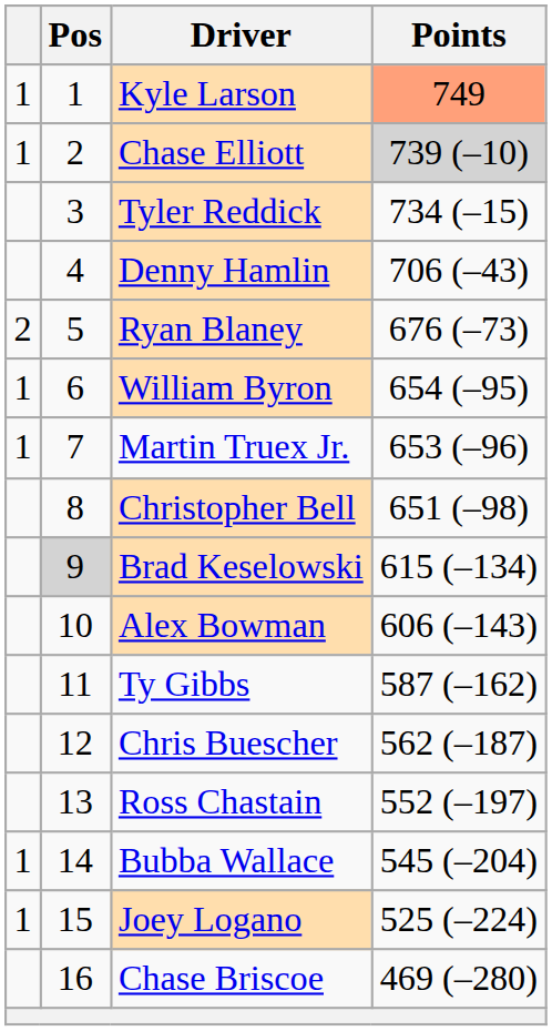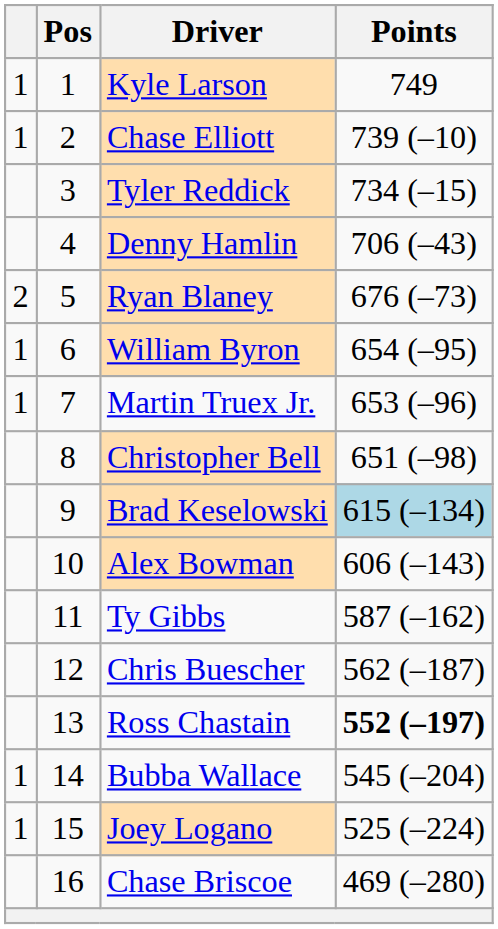 <table class="wikitable" style="font-size: 95%;">
 <tr>
 <th></th>
 <th>Pos</th>
 <th>Driver</th>
 <th>Points</th>
 </tr>
 <tr>
 <td align="left"> 1</td>
 <td style="text-align:center;">1</td>
 <td style="background:#FFDEAD;"><a href='#'>Kyle Larson</a></td>
-<td style="background: lightsalmon; text-align:center;">749</td>
+<td style="text-align:center;">749</td>
 </tr>
 <tr>
 <td align="left"> 1</td>
 <td style="text-align:center;">2</td>
 <td style="background:#FFDEAD;"><a href='#'>Chase Elliott</a></td>
-<td style="background: lightgrey; text-align:center;">739 (–10)</td>
+<td style="text-align:center;">739 (–10)</td>
 </tr>
 <tr>
 <td align="left"></td>
 <td style="text-align:center;">3</td>
 <td style="background:#FFDEAD;"><a href='#'>Tyler Reddick</a></td>
 <td style="text-align:center;">734 (–15)</td>
 </tr>
 <tr>
 <td align="left"></td>
 <td style="text-align:center;">4</td>
 <td style="background:#FFDEAD;"><a href='#'>Denny Hamlin</a></td>
 <td style="text-align:center;">706 (–43)</td>
 </tr>
 <tr>
 <td align="left"> 2</td>
 <td style="text-align:center;">5</td>
 <td style="background:#FFDEAD;"><a href='#'>Ryan Blaney</a></td>
 <td style="text-align:center;">676 (–73)</td>
 </tr>
 <tr>
 <td align="left"> 1</td>
 <td style="text-align:center;">6</td>
 <td style="background:#FFDEAD;"><a href='#'>William Byron</a></td>
 <td style="text-align:center;">654 (–95)</td>
 </tr>
 <tr>
 <td align="left"> 1</td>
 <td style="text-align:center;">7</td>
 <td><a href='#'>Martin Truex Jr.</a></td>
 <td style="text-align:center;">653 (–96)</td>
 </tr>
 <tr>
 <td align="left"></td>
 <td style="text-align:center;">8</td>
 <td style="background:#FFDEAD;"><a href='#'>Christopher Bell</a></td>
 <td style="text-align:center;">651 (–98)</td>
 </tr>
 <tr>
 <td align="left"></td>
-<td style="background: lightgrey; text-align:center;">9</td>
+<td style="text-align:center;">9</td>
 <td style="background:#FFDEAD;"><a href='#'>Brad Keselowski</a></td>
-<td style="text-align:center;">615 (–134)</td>
+<td style="background: lightblue; text-align:center;">615 (–134)</td>
 </tr>
 <tr>
 <td align="left"></td>
 <td style="text-align:center;">10</td>
 <td style="background:#FFDEAD;"><a href='#'>Alex Bowman</a></td>
 <td style="text-align:center;">606 (–143)</td>
 </tr>
 <tr>
 <td align="left"></td>
 <td style="text-align:center;">11</td>
 <td><a href='#'>Ty Gibbs</a></td>
 <td style="text-align:center;">587 (–162)</td>
 </tr>
 <tr>
 <td align="left"></td>
 <td style="text-align:center;">12</td>
 <td><a href='#'>Chris Buescher</a></td>
 <td style="text-align:center;">562 (–187)</td>
 </tr>
 <tr>
 <td align="left"></td>
 <td style="text-align:center;">13</td>
 <td><a href='#'>Ross Chastain</a></td>
-<td style="text-align:center;">552 (–197)</td>
+<td style="text-align:center;"><strong>552 (–197)</strong></td>
 </tr>
 <tr>
 <td align="left"> 1</td>
 <td style="text-align:center;">14</td>
 <td><a href='#'>Bubba Wallace</a></td>
 <td style="text-align:center;">545 (–204)</td>
 </tr>
 <tr>
 <td align="left"> 1</td>
 <td style="text-align:center;">15</td>
 <td style="background:#FFDEAD;"><a href='#'>Joey Logano</a></td>
 <td style="text-align:center;">525 (–224)</td>
 </tr>
 <tr>
 <td align="left"></td>
 <td style="text-align:center;">16</td>
 <td><a href='#'>Chase Briscoe</a></td>
 <td style="text-align:center;">469 (–280)</td>
 </tr>
 <tr class="sortbottom">
 <th colspan="9"></th>
 </tr>
 </table>
